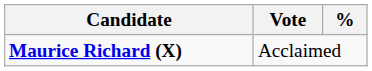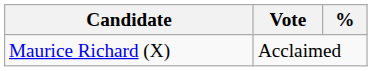 <table class="wikitable">
 <tr>
 <th bgcolor="#DDDDFF" width="200px">Candidate</th>
 <th bgcolor="#DDDDFF" width="50px">Vote</th>
 <th bgcolor="#DDDDFF" width="30px">%</th>
 </tr>
 <tr>
-<td><strong><a href='#'>Maurice Richard</a> (X)</strong></td>
+<td><a href='#'>Maurice Richard</a> (X)</td>
 <td colspan="2">Acclaimed</td>
 </tr>
 </table>
